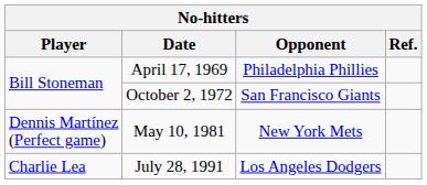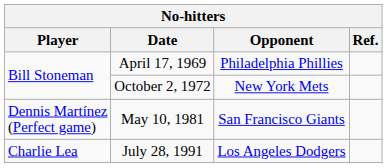 <table class="wikitable" style="text-align:center">
 <tr>
 <th colspan=5>No-hitters</th>
 </tr>
 <tr>
 <th align="left">Player</th>
 <th>Date</th>
 <th>Opponent</th>
 <th>Ref.</th>
 </tr>
 <tr>
 <td align="left" rowspan=2><a href='#'>Bill Stoneman</a></td>
 <td>April 17, 1969</td>
 <td><a href='#'>Philadelphia Phillies</a></td>
 <td></td>
 </tr>
 <tr>
 <td align="left">October 2, 1972</td>
-<td><a href='#'>San Francisco Giants</a></td>
+<td><a href='#'>New York Mets</a></td>
 <td></td>
 </tr>
 <tr>
 <td align="left"><a href='#'>Dennis Martínez</a><br>(<a href='#'>Perfect game</a>)</td>
 <td>May 10, 1981</td>
-<td><a href='#'>New York Mets</a></td>
+<td><a href='#'>San Francisco Giants</a></td>
 <td></td>
 </tr>
 <tr>
 <td align="left"><a href='#'>Charlie Lea</a></td>
 <td>July 28, 1991</td>
 <td><a href='#'>Los Angeles Dodgers</a></td>
 <td></td>
 </tr>
 </table>
